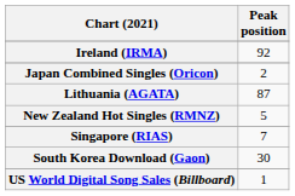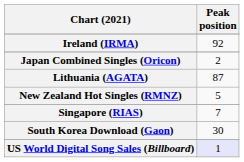 <table class="wikitable sortable plainrowheaders" style="text-align:center">
 <tr>
 <th scope="col">Chart (2021)</th>
 <th scope="col">Peak<br>position</th>
 </tr>
 <tr>
 </tr>
 <tr>
 </tr>
 <tr>
 </tr>
 <tr>
 <th scope="row">Ireland (<a href='#'>IRMA</a>)</th>
 <td>92</td>
 </tr>
 <tr>
 </tr>
 <tr>
 <th scope="row">Japan Combined Singles (<a href='#'>Oricon</a>)</th>
 <td>2</td>
 </tr>
 <tr>
 <th scope="row">Lithuania (<a href='#'>AGATA</a>)</th>
 <td>87</td>
 </tr>
 <tr>
 <th scope="row">New Zealand Hot Singles (<a href='#'>RMNZ</a>)</th>
 <td>5</td>
 </tr>
 <tr>
 </tr>
 <tr>
 <th scope="row">Singapore (<a href='#'>RIAS</a>)</th>
 <td>7</td>
 </tr>
 <tr>
 <th scope="row">South Korea Download (<a href='#'>Gaon</a>)</th>
 <td>30</td>
 </tr>
 <tr>
 </tr>
 <tr>
 </tr>
 <tr>
 <th scope="row">US <a href='#'>World Digital Song Sales</a> (<em>Billboard</em>)</th>
-<td>1</td>
+<td style="background: lavender;">1</td>
 </tr>
 </table>
